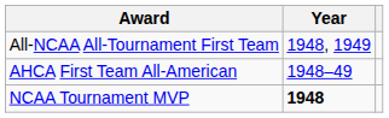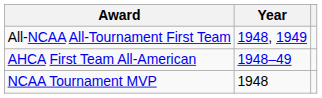 <table class="wikitable">
 <tr>
 <th>Award</th>
 <th>Year</th>
 <th></th>
 </tr>
 <tr>
 <td>All-<a href='#'>NCAA</a> <a href='#'>All-Tournament First Team</a></td>
 <td><a href='#'>1948</a>, <a href='#'>1949</a></td>
 <td></td>
 </tr>
 <tr>
 <td><a href='#'>AHCA</a> <a href='#'>First Team All-American</a></td>
 <td><a href='#'>1948–49</a></td>
 <td></td>
 </tr>
 <tr>
 <td><a href='#'>NCAA Tournament MVP</a></td>
-<td><strong>1948</strong></td>
+<td>1948</td>
 </tr>
 </table>
